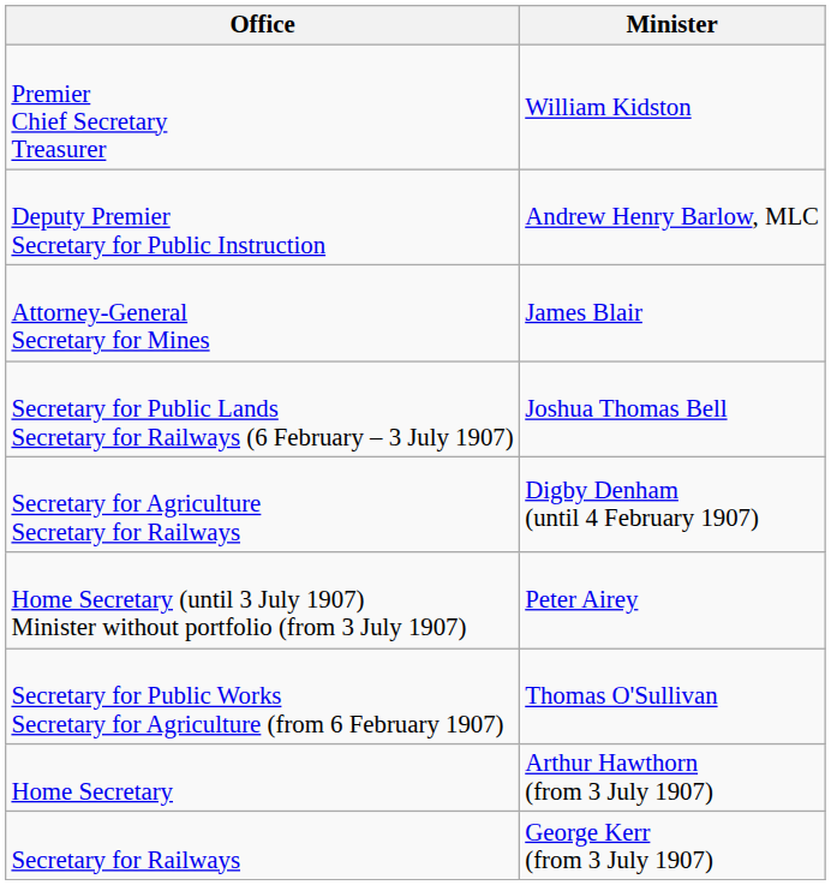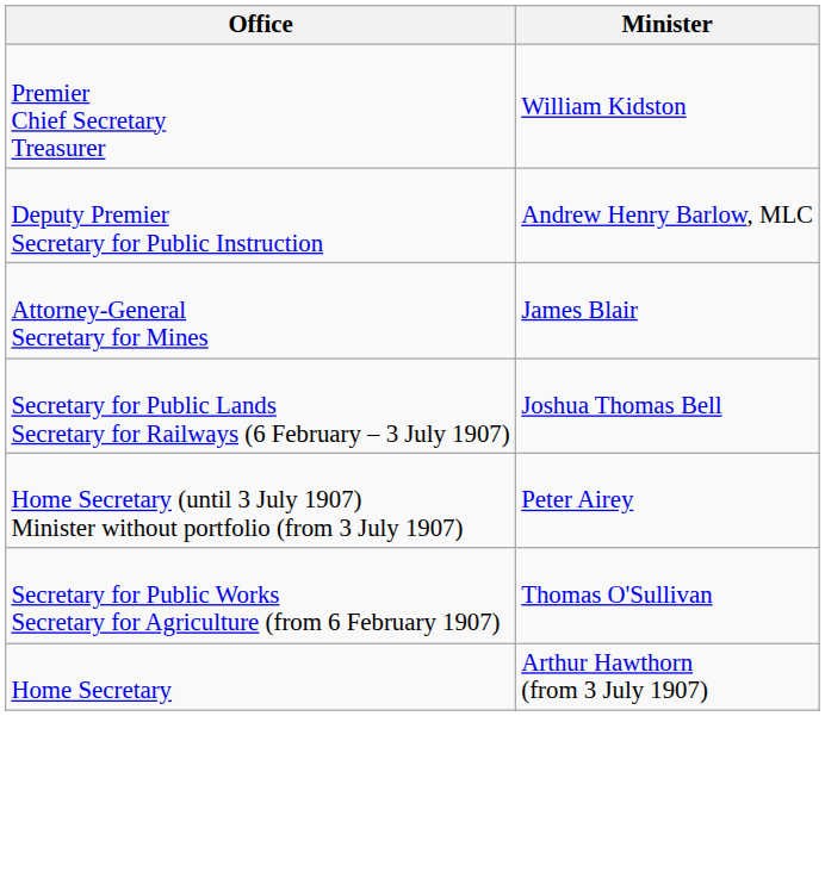 <table class="wikitable">
 <tr>
 <th>Office</th>
 <th>Minister</th>
 </tr>
 <tr>
 <td><br><a href='#'>Premier</a><br> <a href='#'>Chief Secretary</a><br> <a href='#'>Treasurer</a><br></td>
 <td><a href='#'>William Kidston</a></td>
 </tr>
 <tr>
 <td><br><a href='#'>Deputy Premier</a><br> <a href='#'>Secretary for Public Instruction</a><br></td>
 <td><a href='#'>Andrew Henry Barlow</a>, MLC</td>
 </tr>
 <tr>
 <td><br><a href='#'>Attorney-General</a><br> <a href='#'>Secretary for Mines</a></td>
 <td><a href='#'>James Blair</a></td>
 </tr>
 <tr>
 <td><br><a href='#'>Secretary for Public Lands</a><br> <a href='#'>Secretary for Railways</a> (6 February – 3 July 1907)</td>
 <td><a href='#'>Joshua Thomas Bell</a></td>
 </tr>
 <tr>
-<td><br><a href='#'>Secretary for Agriculture</a><br> <a href='#'>Secretary for Railways</a></td>
-<td><a href='#'>Digby Denham</a><br>(until 4 February 1907)</td>
-</tr>
-<tr>
 <td><br><a href='#'>Home Secretary</a> (until 3 July 1907)<br> Minister without portfolio (from 3 July 1907)</td>
 <td><a href='#'>Peter Airey</a></td>
 </tr>
 <tr>
 <td><br><a href='#'>Secretary for Public Works</a><br> <a href='#'>Secretary for Agriculture</a> (from 6 February 1907)<br></td>
 <td><a href='#'>Thomas O'Sullivan</a></td>
 </tr>
 <tr>
 <td><br><a href='#'>Home Secretary</a><br></td>
 <td><a href='#'>Arthur Hawthorn</a><br>(from 3 July 1907)</td>
 </tr>
-<tr>
-<td><br><a href='#'>Secretary for Railways</a></td>
-<td><a href='#'>George Kerr</a><br>(from 3 July 1907)</td>
-</tr>
 </table>
